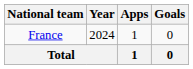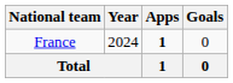 <table class="wikitable" style="text-align:center">
 <tr>
 <th>National team</th>
 <th>Year</th>
 <th>Apps</th>
 <th>Goals</th>
 </tr>
 <tr>
 <td rowspan="1"><a href='#'>France</a></td>
 <td>2024</td>
-<td>1</td>
+<td><strong>1</strong></td>
 <td>0</td>
 </tr>
 <tr>
 <th colspan="2">Total</th>
 <th>1</th>
 <th>0</th>
 </tr>
 </table>
